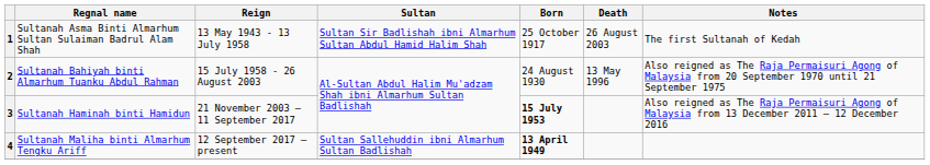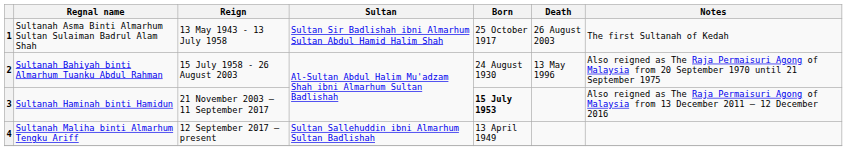 <table class="wikitable">
 <tr>
 <th></th>
 <th>Regnal name</th>
 <th>Reign</th>
 <th>Sultan</th>
 <th>Born</th>
 <th>Death</th>
 <th>Notes</th>
 </tr>
 <tr>
 <th>1</th>
 <td>Sultanah Asma Binti Almarhum Sultan Sulaiman Badrul Alam Shah</td>
 <td>13 May 1943 - 13 July 1958</td>
 <td><a href='#'>Sultan Sir Badlishah ibni Almarhum Sultan Abdul Hamid Halim Shah</a></td>
 <td>25 October 1917</td>
 <td>26 August 2003</td>
 <td>The first Sultanah of Kedah</td>
 </tr>
 <tr>
 <th>2</th>
 <td><a href='#'>Sultanah Bahiyah binti Almarhum Tuanku Abdul Rahman</a></td>
 <td>15 July 1958 - 26 August 2003</td>
 <td rowspan="2"><a href='#'>Al-Sultan Abdul Halim Mu'adzam Shah ibni Almarhum Sultan Badlishah</a></td>
 <td>24 August 1930</td>
 <td>13 May 1996</td>
 <td>Also reigned as The <a href='#'>Raja Permaisuri Agong</a> of <a href='#'>Malaysia</a> from 20 September 1970 until 21 September 1975</td>
 </tr>
 <tr>
 <th>3</th>
 <td><a href='#'>Sultanah Haminah binti Hamidun</a></td>
 <td>21 November 2003 – 11 September 2017</td>
 <td><strong>15 July 1953</strong></td>
 <td></td>
 <td>Also reigned as The <a href='#'>Raja Permaisuri Agong</a> of <a href='#'>Malaysia</a> from 13 December 2011 – 12 December 2016</td>
 </tr>
 <tr>
 <th>4</th>
 <td><a href='#'>Sultanah Maliha binti Almarhum Tengku Ariff</a></td>
 <td>12 September 2017 – present</td>
 <td><a href='#'>Sultan Sallehuddin ibni Almarhum Sultan Badlishah</a></td>
-<td><strong>13 April 1949</strong></td>
+<td>13 April 1949</td>
 <td></td>
 <td></td>
 </tr>
 <tr>
 </tr>
 </table>
